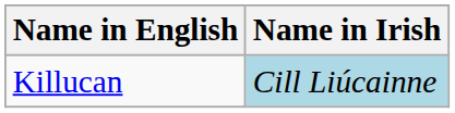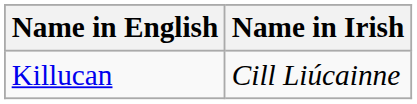 <table class="wikitable">
 <tr>
 <th>Name in English</th>
 <th>Name in Irish</th>
 </tr>
 <tr>
 <td><a href='#'>Killucan</a></td>
-<td style="background: lightblue;"><em>Cill Liúcainne</em></td>
+<td><em>Cill Liúcainne</em></td>
 </tr>
 </table>
